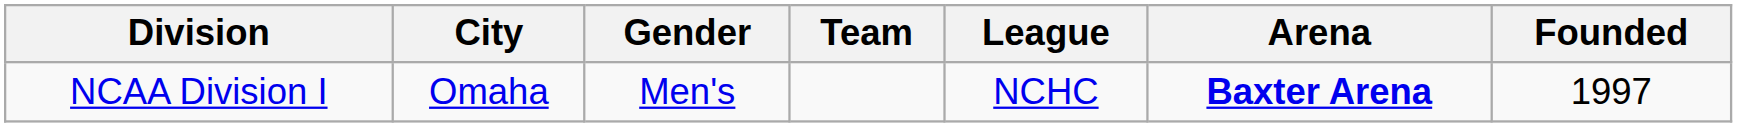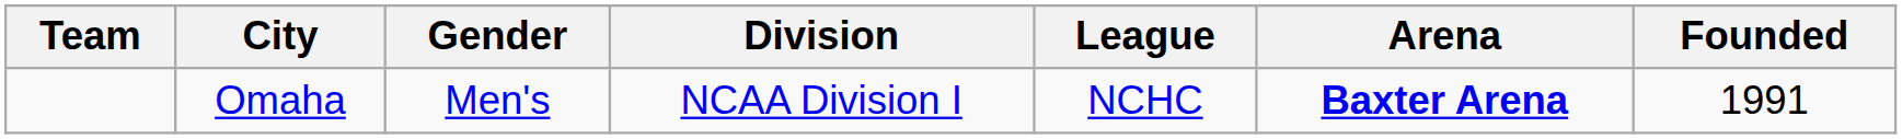 <table class="wikitable sortable" width="60%">
 <tr>
-<th>Division</th>
+<th>Team</th>
 <th>City</th>
 <th>Gender</th>
-<th>Team</th>
+<th>Division</th>
 <th>League</th>
 <th>Arena</th>
 <th>Founded</th>
 </tr>
 <tr align=center>
-<td><a href='#'>NCAA Division I</a></td>
+<td rowspan=1;><strong><a href='#'></a></strong></td>
 <td rowspan=1><a href='#'>Omaha</a></td>
 <td><a href='#'>Men's</a></td>
-<td rowspan=1;><strong><a href='#'></a></strong></td>
+<td><a href='#'>NCAA Division I</a></td>
 <td><a href='#'>NCHC</a></td>
 <td><strong><a href='#'>Baxter Arena</a></strong></td>
-<td>1997</td>
+<td>1991</td>
 </tr>
 </table>
